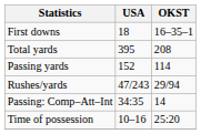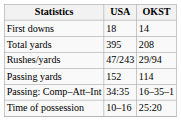 <table class="wikitable" style="float: left;">
 <tr>
 <th>Statistics</th>
 <th>USA</th>
 <th>OKST</th>
 </tr>
 <tr>
 <td>First downs</td>
 <td>18</td>
-<td>16–35–1</td>
+<td>14</td>
 </tr>
 <tr>
 <td>Total yards</td>
 <td>395</td>
 <td>208</td>
 </tr>
 <tr>
+<td>Rushes/yards</td>
+<td>47/243</td>
+<td>29/94</td>
+</tr>
+<tr>
 <td>Passing yards</td>
 <td>152</td>
 <td>114</td>
 </tr>
 <tr>
-<td>Rushes/yards</td>
-<td>47/243</td>
-<td>29/94</td>
-</tr>
-<tr>
 <td>Passing: Comp–Att–Int</td>
 <td>34:35</td>
-<td>14</td>
+<td>16–35–1</td>
 </tr>
 <tr>
 <td>Time of possession</td>
 <td>10–16</td>
 <td>25:20</td>
 </tr>
 <tr>
 </tr>
 </table>
